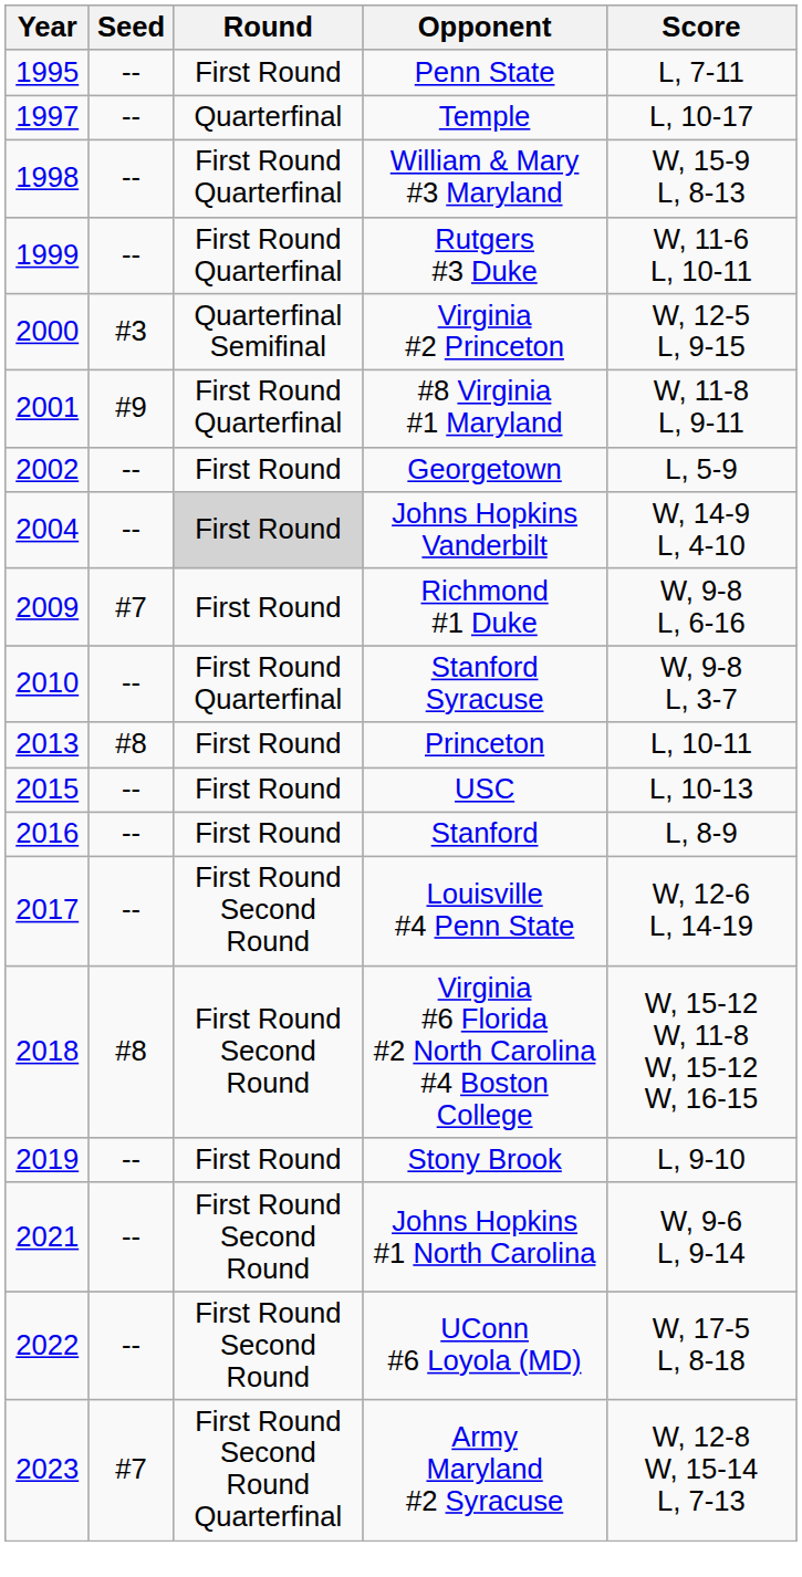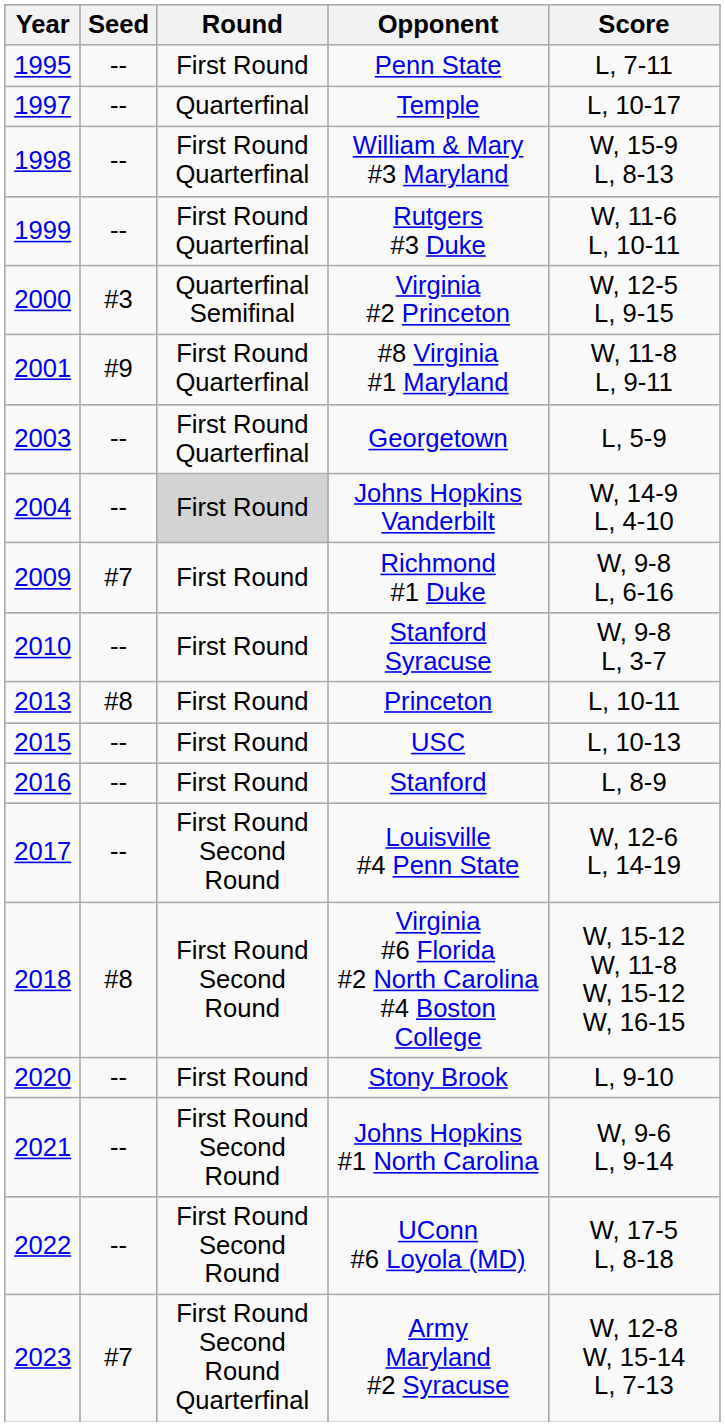 <table class="wikitable">
 <tr>
 <th style="width:40px; ">Year</th>
 <th style="width:40px; ">Seed</th>
 <th style="width:100px; ">Round</th>
 <th style="width:130px; ">Opponent</th>
 <th style="width:100px; ">Score</th>
 </tr>
 <tr align="center">
 <td><a href='#'>1995</a></td>
 <td>--</td>
 <td>First Round</td>
 <td><a href='#'>Penn State</a></td>
 <td>L, 7-11</td>
 </tr>
 <tr align="center">
 <td><a href='#'>1997</a></td>
 <td>--</td>
 <td>Quarterfinal</td>
 <td><a href='#'>Temple</a></td>
 <td>L, 10-17</td>
 </tr>
 <tr align="center">
 <td><a href='#'>1998</a></td>
 <td>--</td>
 <td>First Round<br>Quarterfinal</td>
 <td><a href='#'>William & Mary</a><br>#3 <a href='#'>Maryland</a></td>
 <td>W, 15-9<br>L, 8-13</td>
 </tr>
 <tr align="center">
 <td><a href='#'>1999</a></td>
 <td>--</td>
 <td>First Round<br>Quarterfinal</td>
 <td><a href='#'>Rutgers</a><br>#3 <a href='#'>Duke</a></td>
 <td>W, 11-6<br>L, 10-11</td>
 </tr>
 <tr align="center">
 <td><a href='#'>2000</a></td>
 <td>#3</td>
 <td>Quarterfinal<br>Semifinal</td>
 <td><a href='#'>Virginia</a><br>#2 <a href='#'>Princeton</a></td>
 <td>W, 12-5<br>L, 9-15</td>
 </tr>
 <tr align="center">
 <td><a href='#'>2001</a></td>
 <td>#9</td>
 <td>First Round<br>Quarterfinal</td>
 <td>#8 <a href='#'>Virginia</a><br>#1 <a href='#'>Maryland</a></td>
 <td>W, 11-8<br>L, 9-11</td>
 </tr>
 <tr align="center">
-<td><a href='#'>2002</a></td>
+<td><a href='#'>2003</a></td>
 <td>--</td>
-<td>First Round</td>
+<td>First Round<br>Quarterfinal</td>
 <td><a href='#'>Georgetown</a></td>
 <td>L, 5-9</td>
 </tr>
 <tr align="center">
 <td><a href='#'>2004</a></td>
 <td>--</td>
 <td style="background: lightgrey;">First Round</td>
 <td><a href='#'>Johns Hopkins</a><br><a href='#'>Vanderbilt</a></td>
 <td>W, 14-9<br>L, 4-10</td>
 </tr>
 <tr align="center">
 <td><a href='#'>2009</a></td>
 <td>#7</td>
 <td>First Round</td>
 <td><a href='#'>Richmond</a><br>#1 <a href='#'>Duke</a></td>
 <td>W, 9-8<br>L, 6-16</td>
 </tr>
 <tr align="center">
 <td><a href='#'>2010</a></td>
 <td>--</td>
-<td>First Round<br>Quarterfinal</td>
+<td>First Round</td>
 <td><a href='#'>Stanford</a><br><a href='#'>Syracuse</a></td>
 <td>W, 9-8<br>L, 3-7</td>
 </tr>
 <tr align="center">
 <td><a href='#'>2013</a></td>
 <td>#8</td>
 <td>First Round</td>
 <td><a href='#'>Princeton</a></td>
 <td>L, 10-11</td>
 </tr>
 <tr align="center">
 <td><a href='#'>2015</a></td>
 <td>--</td>
 <td>First Round</td>
 <td><a href='#'>USC</a></td>
 <td>L, 10-13</td>
 </tr>
 <tr align="center">
 <td><a href='#'>2016</a></td>
 <td>--</td>
 <td>First Round</td>
 <td><a href='#'>Stanford</a></td>
 <td>L, 8-9</td>
 </tr>
 <tr align="center">
 <td><a href='#'>2017</a></td>
 <td>--</td>
 <td>First Round<br>Second Round</td>
 <td><a href='#'>Louisville</a><br>#4 <a href='#'>Penn State</a></td>
 <td>W, 12-6<br>L, 14-19</td>
 </tr>
 <tr align="center">
 <td><a href='#'>2018</a></td>
 <td>#8</td>
 <td>First Round<br>Second Round</td>
 <td><a href='#'>Virginia</a> <br> #6 <a href='#'>Florida</a><br> #2 <a href='#'>North Carolina</a><br> #4 <a href='#'>Boston College</a><br></td>
 <td>W, 15-12<br>W, 11-8<br>W, 15-12<br> W, 16-15</td>
 </tr>
 <tr align="center">
-<td><a href='#'>2019</a></td>
+<td><a href='#'>2020</a></td>
 <td>--</td>
 <td>First Round</td>
 <td><a href='#'>Stony Brook</a></td>
 <td>L, 9-10</td>
 </tr>
 <tr align="center">
 <td><a href='#'>2021</a></td>
 <td>--</td>
 <td>First Round<br>Second Round</td>
 <td><a href='#'>Johns Hopkins</a><br>#1 <a href='#'>North Carolina</a></td>
 <td>W, 9-6<br>L, 9-14</td>
 </tr>
 <tr align="center">
 <td><a href='#'>2022</a></td>
 <td>--</td>
 <td>First Round<br>Second Round</td>
 <td><a href='#'>UConn</a><br>#6 <a href='#'>Loyola (MD)</a></td>
 <td>W, 17-5<br>L, 8-18</td>
 </tr>
 <tr align="center">
 <td><a href='#'>2023</a></td>
 <td>#7</td>
 <td>First Round<br>Second Round<br>Quarterfinal</td>
 <td><a href='#'>Army</a><br><a href='#'>Maryland</a><br>#2 <a href='#'>Syracuse</a></td>
 <td>W, 12-8<br>W, 15-14<br>L, 7-13</td>
 </tr>
 </table>
